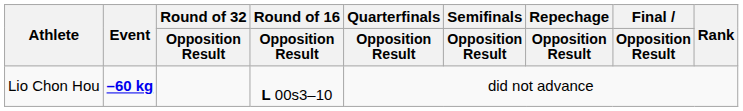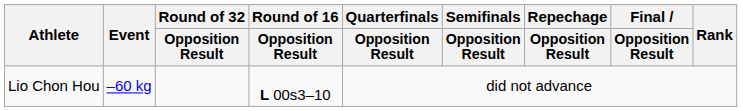 <table class=wikitable style=font-size:90%;text-align:center>
 <tr>
 <th rowspan="2">Athlete</th>
 <th rowspan="2">Event</th>
 <th>Round of 32</th>
 <th>Round of 16</th>
 <th>Quarterfinals</th>
 <th>Semifinals</th>
 <th>Repechage</th>
 <th>Final / </th>
 <th rowspan=2>Rank</th>
 </tr>
 <tr style="font-size:95%">
 <th>Opposition<br>Result</th>
 <th>Opposition<br>Result</th>
 <th>Opposition<br>Result</th>
 <th>Opposition<br>Result</th>
 <th>Opposition<br>Result</th>
 <th>Opposition<br>Result</th>
 </tr>
 <tr>
 <td align=left>Lio Chon Hou</td>
-<td align=left><strong><a href='#'>–60 kg</a></strong></td>
+<td align=left><a href='#'>–60 kg</a></td>
 <td></td>
 <td><br><strong>L</strong> 00s3–10</td>
 <td colspan=5>did not advance</td>
 </tr>
 </table>
